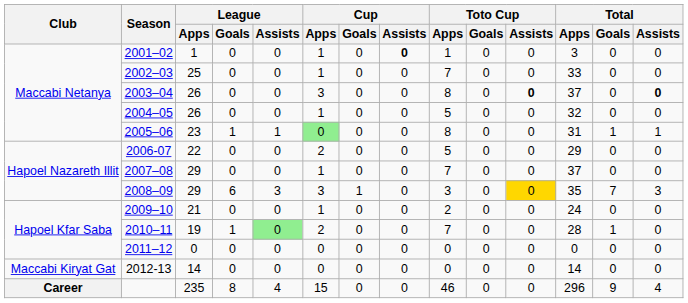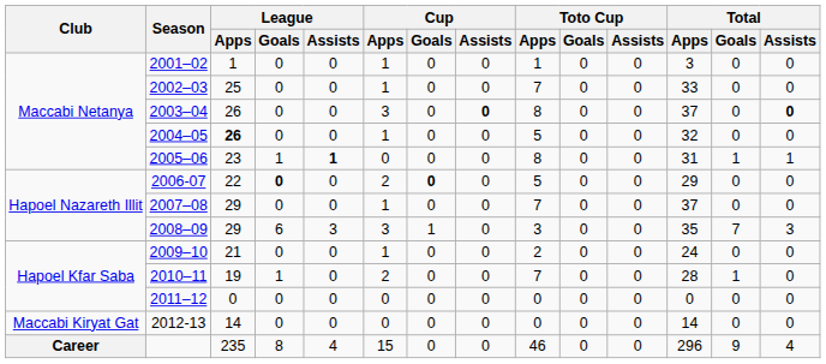 <table class="wikitable" style="font-size:90%; text-align: center;">
 <tr>
 <th rowspan="2">Club</th>
 <th rowspan="2">Season</th>
 <th colspan="3">League</th>
 <th colspan="3">Cup</th>
 <th colspan="3">Toto Cup</th>
 <th colspan="3">Total</th>
 </tr>
 <tr>
 <th>Apps</th>
 <th>Goals</th>
 <th>Assists</th>
 <th>Apps</th>
 <th>Goals</th>
 <th>Assists</th>
 <th>Apps</th>
 <th>Goals</th>
 <th>Assists</th>
 <th>Apps</th>
 <th>Goals</th>
 <th>Assists</th>
 </tr>
 <tr |-||-||-|>
 <td rowspan="5" valign="center"><a href='#'>Maccabi Netanya</a></td>
 <td><a href='#'>2001–02</a></td>
 <td>1</td>
 <td>0</td>
 <td>0</td>
 <td>1</td>
 <td>0</td>
-<td><strong>0</strong></td>
+<td>0</td>
 <td>1</td>
 <td>0</td>
 <td>0</td>
 <td>3</td>
 <td>0</td>
 <td>0</td>
 </tr>
 <tr>
 <td><a href='#'>2002–03</a></td>
 <td>25</td>
 <td>0</td>
 <td>0</td>
 <td>1</td>
 <td>0</td>
 <td>0</td>
 <td>7</td>
 <td>0</td>
 <td>0</td>
 <td>33</td>
 <td>0</td>
 <td>0</td>
 </tr>
 <tr>
 <td><a href='#'>2003–04</a></td>
 <td>26</td>
 <td>0</td>
 <td>0</td>
 <td>3</td>
 <td>0</td>
-<td>0</td>
+<td><strong>0</strong></td>
 <td>8</td>
 <td>0</td>
-<td><strong>0</strong></td>
+<td>0</td>
 <td>37</td>
 <td>0</td>
 <td><strong>0</strong></td>
 </tr>
 <tr>
 <td><a href='#'>2004–05</a></td>
-<td>26</td>
+<td><strong>26</strong></td>
 <td>0</td>
 <td>0</td>
 <td>1</td>
 <td>0</td>
 <td>0</td>
 <td>5</td>
 <td>0</td>
 <td>0</td>
 <td>32</td>
 <td>0</td>
 <td>0</td>
 </tr>
 <tr>
 <td><a href='#'>2005–06</a></td>
 <td>23</td>
 <td>1</td>
-<td>1</td>
-<td style="background: lightgreen;">0</td>
+<td><strong>1</strong></td>
+<td>0</td>
 <td>0</td>
 <td>0</td>
 <td>8</td>
 <td>0</td>
 <td>0</td>
 <td>31</td>
 <td>1</td>
 <td>1</td>
 </tr>
 <tr>
 <td rowspan="3" valign="center"><a href='#'>Hapoel Nazareth Illit</a></td>
 <td><a href='#'>2006-07</a></td>
 <td>22</td>
-<td>0</td>
+<td><strong>0</strong></td>
 <td>0</td>
 <td>2</td>
-<td>0</td>
+<td><strong>0</strong></td>
 <td>0</td>
 <td>5</td>
 <td>0</td>
 <td>0</td>
 <td>29</td>
 <td>0</td>
 <td>0</td>
 </tr>
 <tr>
 <td><a href='#'>2007–08</a></td>
 <td>29</td>
 <td>0</td>
 <td>0</td>
 <td>1</td>
 <td>0</td>
 <td>0</td>
 <td>7</td>
 <td>0</td>
 <td>0</td>
 <td>37</td>
 <td>0</td>
 <td>0</td>
 </tr>
 <tr>
 <td><a href='#'>2008–09</a></td>
 <td>29</td>
 <td>6</td>
 <td>3</td>
 <td>3</td>
 <td>1</td>
 <td>0</td>
 <td>3</td>
 <td>0</td>
-<td style="background: gold;">0</td>
+<td>0</td>
 <td>35</td>
 <td>7</td>
 <td>3</td>
 </tr>
 <tr>
 <td rowspan="3" valign="center"><a href='#'>Hapoel Kfar Saba</a></td>
 <td><a href='#'>2009–10</a></td>
 <td>21</td>
 <td>0</td>
 <td>0</td>
 <td>1</td>
 <td>0</td>
 <td>0</td>
 <td>2</td>
 <td>0</td>
 <td>0</td>
 <td>24</td>
 <td>0</td>
 <td>0</td>
 </tr>
 <tr>
 <td><a href='#'>2010–11</a></td>
 <td>19</td>
 <td>1</td>
-<td style="background: lightgreen;">0</td>
+<td>0</td>
 <td>2</td>
 <td>0</td>
 <td>0</td>
 <td>7</td>
 <td>0</td>
 <td>0</td>
 <td>28</td>
 <td>1</td>
 <td>0</td>
 </tr>
 <tr>
 <td><a href='#'>2011–12</a></td>
 <td>0</td>
 <td>0</td>
 <td>0</td>
 <td>0</td>
 <td>0</td>
 <td>0</td>
 <td>0</td>
 <td>0</td>
 <td>0</td>
 <td>0</td>
 <td>0</td>
 <td>0</td>
 </tr>
 <tr>
 <td rowspan="1" valign="center"><a href='#'>Maccabi Kiryat Gat</a></td>
 <td>2012-13</td>
 <td>14</td>
 <td>0</td>
 <td>0</td>
 <td>0</td>
 <td>0</td>
 <td>0</td>
 <td>0</td>
 <td>0</td>
 <td>0</td>
 <td>14</td>
 <td>0</td>
 <td>0</td>
 </tr>
 <tr>
 <th colspan="1" valign="center">Career</th>
 <td></td>
 <td>235</td>
 <td>8</td>
 <td>4</td>
 <td>15</td>
 <td>0</td>
 <td>0</td>
 <td>46</td>
 <td>0</td>
 <td>0</td>
 <td>296</td>
 <td>9</td>
 <td>4</td>
 </tr>
 </table>
